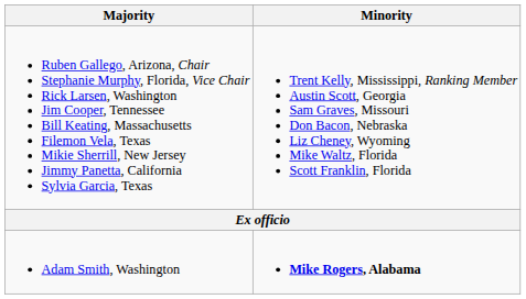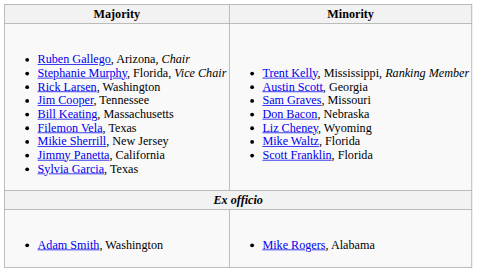 <table class=wikitable>
 <tr>
 <th>Majority</th>
 <th>Minority</th>
 </tr>
 <tr>
 <td><br><ul><li><a href='#'>Ruben Gallego</a>, Arizona, <em>Chair</em></li><li><a href='#'>Stephanie Murphy</a>, Florida, <em>Vice Chair</em></li><li><a href='#'>Rick Larsen</a>, Washington</li><li><a href='#'>Jim Cooper</a>, Tennessee</li><li><a href='#'>Bill Keating</a>, Massachusetts</li><li><a href='#'>Filemon Vela</a>, Texas</li><li><a href='#'>Mikie Sherrill</a>, New Jersey</li><li><a href='#'>Jimmy Panetta</a>, California</li><li><a href='#'>Sylvia Garcia</a>, Texas</li></ul></td>
 <td><br><ul><li><a href='#'>Trent Kelly</a>, Mississippi, <em>Ranking Member</em></li><li><a href='#'>Austin Scott</a>, Georgia</li><li><a href='#'>Sam Graves</a>, Missouri</li><li><a href='#'>Don Bacon</a>, Nebraska</li><li><a href='#'>Liz Cheney</a>, Wyoming</li><li><a href='#'>Mike Waltz</a>, Florida</li><li><a href='#'>Scott Franklin</a>, Florida</li></ul></td>
 </tr>
 <tr>
 <th colspan=2><em>Ex officio</em></th>
 </tr>
 <tr>
 <td><br><ul><li><a href='#'>Adam Smith</a>, Washington</li></ul></td>
-<td><strong><br><ul><li><a href='#'>Mike Rogers</a>, Alabama</li></ul></strong></td>
+<td><br><ul><li><a href='#'>Mike Rogers</a>, Alabama</li></ul></td>
 </tr>
 </table>
